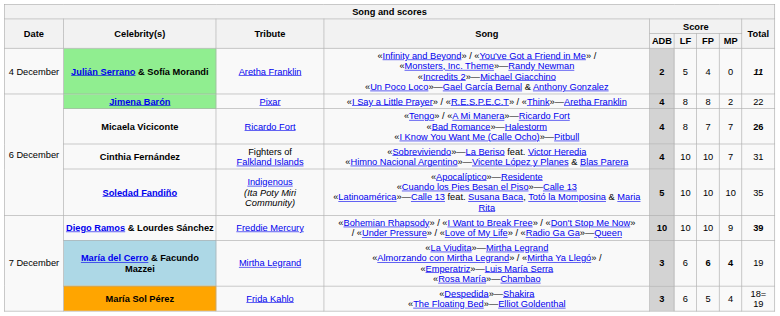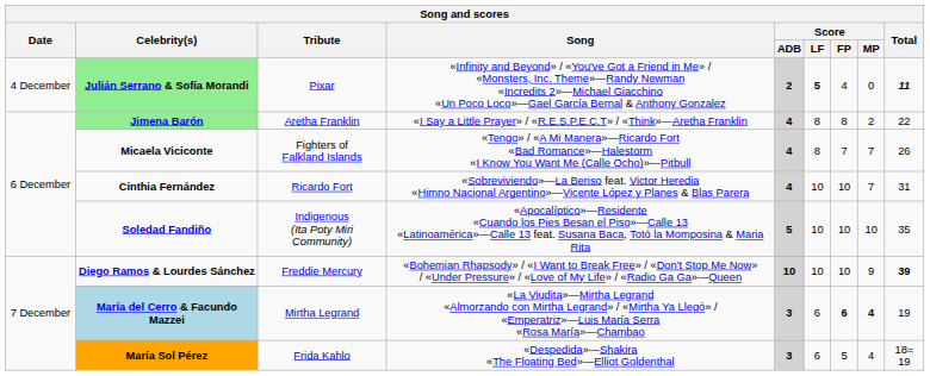 <table class="wikitable collapsible collapsed" style="font-size:95%; text-align: center; width: 100%;">
 <tr>
 <th colspan="11" style="with: 100%;" align=center>Song and scores</th>
 </tr>
 <tr>
 <th rowspan="2" width=90>Date</th>
 <th rowspan="2">Celebrity(s)</th>
 <th rowspan="2">Tribute</th>
 <th rowspan="2">Song</th>
 <th colspan="4">Score</th>
 <th rowspan="2">Total</th>
 </tr>
 <tr>
 <th width=30>ADB</th>
 <th width=30>LF</th>
 <th width=30>FP</th>
 <th width=30>MP</th>
 </tr>
 <tr>
 <td rowspan="1">4 December</td>
 <td bgcolor="lightgreen"><strong><a href='#'>Julián Serrano</a> & Sofía Morandi</strong></td>
-<td><a href='#'>Aretha Franklin</a></td>
+<td><a href='#'>Pixar</a></td>
 <td>«<a href='#'>Infinity and Beyond</a>» / «<a href='#'>You've Got a Friend in Me</a>» /<br>«<a href='#'>Monsters, Inc. Theme</a>»—<a href='#'>Randy Newman</a><br>«<a href='#'>Incredits 2</a>»—<a href='#'>Michael Giacchino</a><br>«<a href='#'>Un Poco Loco</a>»—<a href='#'>Gael García Bernal</a> & <a href='#'>Anthony Gonzalez</a></td>
 <td bgcolor="lightgrey"><strong>2</strong></td>
-<td>5</td>
+<td><strong>5</strong></td>
 <td>4</td>
 <td>0</td>
 <td><span><strong><em>11</em></strong></span></td>
 </tr>
 <tr>
 <td rowspan="4">6 December</td>
 <td bgcolor="lightgreen"><strong><a href='#'>Jimena Barón</a></strong></td>
-<td><a href='#'>Pixar</a></td>
+<td><a href='#'>Aretha Franklin</a></td>
 <td>«<a href='#'>I Say a Little Prayer</a>» / «<a href='#'>R.E.S.P.E.C.T</a>» / «<a href='#'>Think</a>»—<a href='#'>Aretha Franklin</a></td>
 <td bgcolor="lightgrey"><strong>4</strong></td>
 <td>8</td>
 <td>8</td>
 <td>2</td>
 <td>22</td>
 </tr>
 <tr>
 <td bgcolor=""><strong>Micaela Viciconte</strong></td>
-<td><a href='#'>Ricardo Fort</a></td>
+<td>Fighters of<br><a href='#'>Falkland Islands</a></td>
 <td>«<a href='#'>Tengo</a>» / «<a href='#'>A Mi Manera</a>»—<a href='#'>Ricardo Fort</a><br>«<a href='#'>Bad Romance</a>»—<a href='#'>Halestorm</a><br>«<a href='#'>I Know You Want Me (Calle Ocho)</a>»—<a href='#'>Pitbull</a></td>
 <td bgcolor="lightgrey"><strong>4</strong></td>
 <td>8</td>
 <td>7</td>
 <td>7</td>
-<td><strong>26</strong></td>
+<td>26</td>
 </tr>
 <tr>
 <td bgcolor=""><strong>Cinthia Fernández</strong></td>
-<td>Fighters of<br><a href='#'>Falkland Islands</a></td>
+<td><a href='#'>Ricardo Fort</a></td>
 <td>«<a href='#'>Sobreviviendo</a>»—<a href='#'>La Beriso</a> feat. <a href='#'>Victor Heredia</a><br>«<a href='#'>Himno Nacional Argentino</a>»—<a href='#'>Vicente López y Planes</a> & <a href='#'>Blas Parera</a></td>
 <td bgcolor="lightgrey"><strong>4</strong></td>
 <td>10</td>
 <td>10</td>
 <td>7</td>
 <td>31</td>
 </tr>
 <tr>
 <td bgcolor=""><strong><a href='#'>Soledad Fandiño</a></strong></td>
 <td><a href='#'>Indigenous</a><br><em>(Ita Poty Miri Community)</em></td>
 <td>«<a href='#'>Apocalíptico</a>»—<a href='#'>Residente</a><br>«<a href='#'>Cuando los Pies Besan el Piso</a>»—<a href='#'>Calle 13</a><br>«<a href='#'>Latinoamérica</a>»—<a href='#'>Calle 13</a> feat. <a href='#'>Susana Baca</a>, <a href='#'>Totó la Momposina</a> & <a href='#'>Maria Rita</a></td>
 <td bgcolor="lightgrey"><strong>5</strong></td>
 <td>10</td>
 <td>10</td>
 <td>10</td>
 <td>35</td>
 </tr>
 <tr>
 <td rowspan="3">7 December</td>
 <td bgcolor=""><strong><a href='#'>Diego Ramos</a> & Lourdes Sánchez</strong></td>
 <td><a href='#'>Freddie Mercury</a></td>
 <td>«<a href='#'>Bohemian Rhapsody</a>» / «<a href='#'>I Want to Break Free</a>» / «<a href='#'>Don't Stop Me Now</a>» <br>/ «<a href='#'>Under Pressure</a>» / «<a href='#'>Love of My Life</a>» / «<a href='#'>Radio Ga Ga</a>»—<a href='#'>Queen</a></td>
 <td bgcolor="lightgrey"><strong>10</strong></td>
 <td>10</td>
 <td>10</td>
 <td>9</td>
 <td><span><strong>39</strong></span></td>
 </tr>
 <tr>
 <td bgcolor="lightblue"><strong><a href='#'>María del Cerro</a> & Facundo Mazzei</strong></td>
 <td><a href='#'>Mirtha Legrand</a></td>
 <td>«<a href='#'>La Viudita</a>»—<a href='#'>Mirtha Legrand</a><br>«<a href='#'>Almorzando con Mirtha Legrand</a>» / «<a href='#'>Mirtha Ya Llegó</a>» /<br> «<a href='#'>Emperatriz</a>»—<a href='#'>Luis María Serra</a><br>«<a href='#'>Rosa María</a>»—<a href='#'>Chambao</a></td>
 <td bgcolor="lightgrey"><strong>3</strong></td>
 <td>6</td>
 <td><strong>6</strong></td>
 <td><strong>4</strong></td>
 <td>19</td>
 </tr>
 <tr>
 <td bgcolor="orange"><strong>María Sol Pérez</strong></td>
 <td><a href='#'>Frida Kahlo</a></td>
 <td>«<a href='#'>Despedida</a>»—<a href='#'>Shakira</a><br>«<a href='#'>The Floating Bed</a>»—<a href='#'>Elliot Goldenthal</a></td>
 <td bgcolor="lightgrey"><strong>3</strong></td>
 <td>6</td>
 <td>5</td>
 <td>4</td>
 <td>18= 19</td>
 </tr>
 </table>
